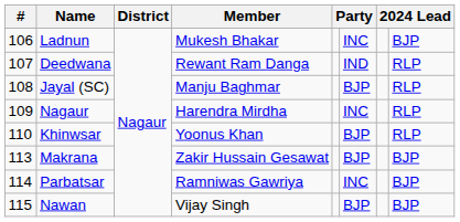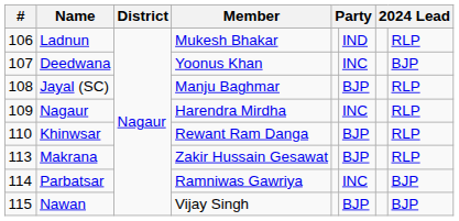 <table class="wikitable">
 <tr>
 <th>#</th>
 <th>Name</th>
 <th>District</th>
 <th>Member</th>
 <th colspan="2">Party</th>
 <th colspan="2">2024 Lead</th>
 </tr>
 <tr>
 <td>106</td>
 <td><a href='#'>Ladnun</a></td>
 <td rowspan="8"><a href='#'>Nagaur</a></td>
 <td><a href='#'>Mukesh Bhakar</a></td>
 <td style="background-color: "></td>
-<td><a href='#'>INC</a></td>
+<td><a href='#'>IND</a></td>
 <td style="background-color: "></td>
-<td><a href='#'>BJP</a></td>
+<td><a href='#'>RLP</a></td>
 </tr>
 <tr>
 <td>107</td>
 <td><a href='#'>Deedwana</a></td>
-<td><a href='#'>Rewant Ram Danga</a></td>
+<td><a href='#'>Yoonus Khan</a></td>
 <td style="background-color: "></td>
-<td><a href='#'>IND</a></td>
+<td><a href='#'>INC</a></td>
 <td style="background-color: "></td>
-<td><a href='#'>RLP</a></td>
+<td><a href='#'>BJP</a></td>
 </tr>
 <tr>
 <td>108</td>
 <td><a href='#'>Jayal</a> (SC)</td>
 <td><a href='#'>Manju Baghmar</a></td>
 <td style="background-color: "></td>
 <td><a href='#'>BJP</a></td>
 <td style="background-color: "></td>
 <td><a href='#'>RLP</a></td>
 </tr>
 <tr>
 <td>109</td>
 <td><a href='#'>Nagaur</a></td>
 <td><a href='#'>Harendra Mirdha</a></td>
 <td style="background-color: "></td>
 <td><a href='#'>INC</a></td>
 <td style="background-color: "></td>
 <td><a href='#'>RLP</a></td>
 </tr>
 <tr>
 <td>110</td>
 <td><a href='#'>Khinwsar</a></td>
-<td><a href='#'>Yoonus Khan</a></td>
+<td><a href='#'>Rewant Ram Danga</a></td>
 <td style="background-color: "></td>
 <td><a href='#'>BJP</a></td>
 <td style="background-color: "></td>
 <td><a href='#'>RLP</a></td>
 </tr>
 <tr>
 <td>113</td>
 <td><a href='#'>Makrana</a></td>
 <td><a href='#'>Zakir Hussain Gesawat</a></td>
 <td style="background-color: "></td>
 <td><a href='#'>BJP</a></td>
 <td style="background-color: "></td>
-<td><a href='#'>BJP</a></td>
+<td><a href='#'>RLP</a></td>
 </tr>
 <tr>
 <td>114</td>
 <td><a href='#'>Parbatsar</a></td>
 <td><a href='#'>Ramniwas Gawriya</a></td>
 <td style="background-color: "></td>
 <td><a href='#'>INC</a></td>
 <td style="background-color: "></td>
 <td><a href='#'>BJP</a></td>
 </tr>
 <tr>
 <td>115</td>
 <td><a href='#'>Nawan</a></td>
 <td>Vijay Singh</td>
 <td style="background-color: "></td>
 <td><a href='#'>BJP</a></td>
 <td style="background-color: "></td>
 <td><a href='#'>BJP</a></td>
 </tr>
 </table>
